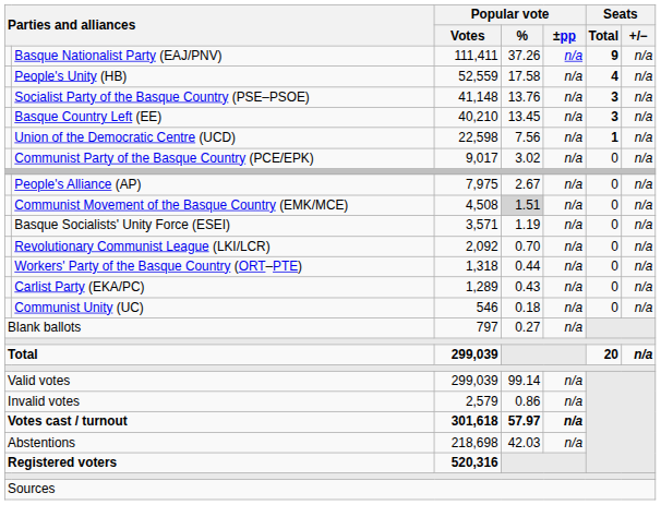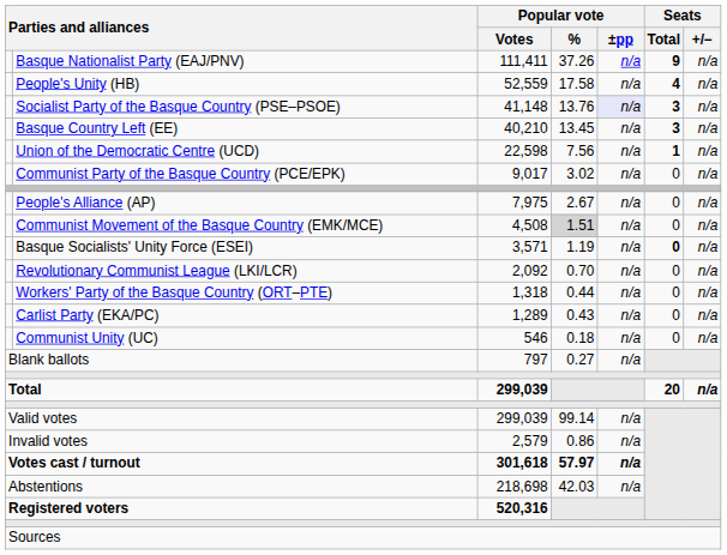 <table class="wikitable" style="text-align:right;">
 <tr>
 <th style="text-align:left;" rowspan="2" colspan="2" width="525">Parties and alliances</th>
 <th colspan="3">Popular vote</th>
 <th colspan="2">Seats</th>
 </tr>
 <tr>
 <th width="75">Votes</th>
 <th width="45">%</th>
 <th width="45">±<a href='#'>pp</a></th>
 <th width="35">Total</th>
 <th width="35">+/−</th>
 </tr>
 <tr>
 <td width="1" style="color:inherit;background:"></td>
 <td align="left"><a href='#'>Basque Nationalist Party</a> (EAJ/PNV)</td>
 <td>111,411</td>
 <td>37.26</td>
 <td><em><a href='#'>n/a</a></em></td>
 <td><strong>9</strong></td>
 <td><em>n/a</em></td>
 </tr>
 <tr>
 <td style="color:inherit;background:"></td>
 <td align="left"><a href='#'>People's Unity</a> (HB)</td>
 <td>52,559</td>
 <td>17.58</td>
 <td><em>n/a</em></td>
 <td><strong>4</strong></td>
 <td><em>n/a</em></td>
 </tr>
 <tr>
 <td style="color:inherit;background:"></td>
 <td align="left"><a href='#'>Socialist Party of the Basque Country</a> (PSE–PSOE)</td>
 <td>41,148</td>
 <td>13.76</td>
-<td><em>n/a</em></td>
+<td style="background: lavender;"><em>n/a</em></td>
 <td><strong>3</strong></td>
 <td><em>n/a</em></td>
 </tr>
 <tr>
 <td style="color:inherit;background:"></td>
 <td align="left"><a href='#'>Basque Country Left</a> (EE)</td>
 <td>40,210</td>
 <td>13.45</td>
 <td><em>n/a</em></td>
 <td><strong>3</strong></td>
 <td><em>n/a</em></td>
 </tr>
 <tr>
 <td style="color:inherit;background:"></td>
 <td align="left"><a href='#'>Union of the Democratic Centre</a> (UCD)</td>
 <td>22,598</td>
 <td>7.56</td>
 <td><em>n/a</em></td>
 <td><strong>1</strong></td>
 <td><em>n/a</em></td>
 </tr>
 <tr>
 <td style="color:inherit;background:"></td>
 <td align="left"><a href='#'>Communist Party of the Basque Country</a> (PCE/EPK)</td>
 <td>9,017</td>
 <td>3.02</td>
 <td><em>n/a</em></td>
 <td>0</td>
 <td><em>n/a</em></td>
 </tr>
 <tr>
 <td colspan="7" bgcolor="#C0C0C0"></td>
 </tr>
 <tr>
 <td style="color:inherit;background:"></td>
 <td align="left"><a href='#'>People's Alliance</a> (AP)</td>
 <td>7,975</td>
 <td>2.67</td>
 <td><em>n/a</em></td>
 <td>0</td>
 <td><em>n/a</em></td>
 </tr>
 <tr>
 <td style="color:inherit;background:"></td>
 <td align="left"><a href='#'>Communist Movement of the Basque Country</a> (EMK/MCE)</td>
 <td>4,508</td>
 <td style="background: lightgrey;">1.51</td>
 <td><em>n/a</em></td>
 <td>0</td>
 <td><em>n/a</em></td>
 </tr>
 <tr>
 <td style="color:inherit;background:"></td>
 <td align="left">Basque Socialists' Unity Force (ESEI)</td>
 <td>3,571</td>
 <td>1.19</td>
 <td><em>n/a</em></td>
-<td>0</td>
+<td><strong>0</strong></td>
 <td><em>n/a</em></td>
 </tr>
 <tr>
 <td style="color:inherit;background:"></td>
 <td align="left"><a href='#'>Revolutionary Communist League</a> (LKI/LCR)</td>
 <td>2,092</td>
 <td>0.70</td>
 <td><em>n/a</em></td>
 <td>0</td>
 <td><em>n/a</em></td>
 </tr>
 <tr>
 <td style="color:inherit;background:"></td>
 <td align="left"><a href='#'>Workers' Party of the Basque Country</a> (<a href='#'>ORT</a>–<a href='#'>PTE</a>)</td>
 <td>1,318</td>
 <td>0.44</td>
 <td><em>n/a</em></td>
 <td>0</td>
 <td><em>n/a</em></td>
 </tr>
 <tr>
 <td style="color:inherit;background:"></td>
 <td align="left"><a href='#'>Carlist Party</a> (EKA/PC)</td>
 <td>1,289</td>
 <td>0.43</td>
 <td><em>n/a</em></td>
 <td>0</td>
 <td><em>n/a</em></td>
 </tr>
 <tr>
 <td style="color:inherit;background:"></td>
 <td align="left"><a href='#'>Communist Unity</a> (UC)</td>
 <td>546</td>
 <td>0.18</td>
 <td><em>n/a</em></td>
 <td>0</td>
 <td><em>n/a</em></td>
 </tr>
 <tr>
 <td align="left" colspan="2">Blank ballots</td>
 <td>797</td>
 <td>0.27</td>
 <td><em>n/a</em></td>
 <td bgcolor="#E9E9E9" colspan="2"></td>
 </tr>
 <tr>
 <td colspan="7" bgcolor="#E9E9E9"></td>
 </tr>
 <tr style="font-weight:bold;">
 <td align="left" colspan="2">Total</td>
 <td>299,039</td>
 <td bgcolor="#E9E9E9" colspan="2"></td>
 <td>20</td>
 <td><em>n/a</em></td>
 </tr>
 <tr>
 <td colspan="7" bgcolor="#E9E9E9"></td>
 </tr>
 <tr>
 <td align="left" colspan="2">Valid votes</td>
 <td>299,039</td>
 <td>99.14</td>
 <td><em>n/a</em></td>
 <td bgcolor="#E9E9E9" colspan="2" rowspan="5"></td>
 </tr>
 <tr>
 <td align="left" colspan="2">Invalid votes</td>
 <td>2,579</td>
 <td>0.86</td>
 <td><em>n/a</em></td>
 </tr>
 <tr style="font-weight:bold;">
 <td align="left" colspan="2">Votes cast / turnout</td>
 <td>301,618</td>
 <td>57.97</td>
 <td><em>n/a</em></td>
 </tr>
 <tr>
 <td align="left" colspan="2">Abstentions</td>
 <td>218,698</td>
 <td>42.03</td>
 <td><em>n/a</em></td>
 </tr>
 <tr style="font-weight:bold;">
 <td align="left" colspan="2">Registered voters</td>
 <td>520,316</td>
 <td bgcolor="#E9E9E9" colspan="2"></td>
 </tr>
 <tr>
 <td colspan="7" bgcolor="#E9E9E9"></td>
 </tr>
 <tr>
 <td align="left" colspan="7">Sources</td>
 </tr>
 </table>
